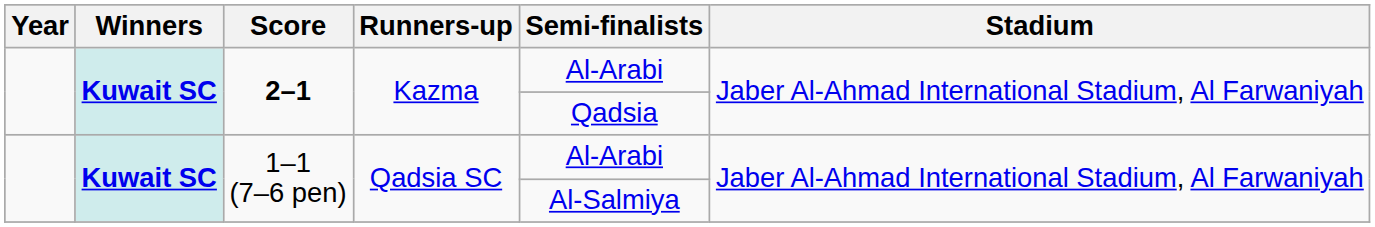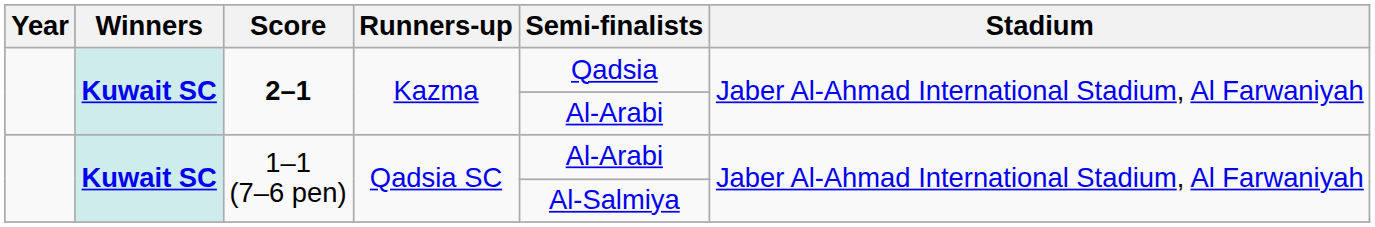 <table class="wikitable">
 <tr>
 <th>Year</th>
 <th>Winners</th>
 <th>Score</th>
 <th>Runners-up</th>
 <th>Semi-finalists</th>
 <th>Stadium</th>
 </tr>
 <tr>
 <td rowspan="2" align="center"><br></td>
 <td rowspan="2" style="background:#cfecec;"  align=center><strong><a href='#'>Kuwait SC</a></strong></td>
 <td rowspan="2" align="center"><strong>2–1</strong></td>
 <td rowspan="2" align="center"><a href='#'>Kazma</a></td>
-<td align="center"><a href='#'>Al-Arabi</a></td>
+<td align="center"><a href='#'>Qadsia</a></td>
 <td rowspan="2" align="center"> <a href='#'>Jaber Al-Ahmad International Stadium</a>, <a href='#'>Al Farwaniyah</a></td>
 </tr>
 <tr>
-<td align="center"><a href='#'>Qadsia</a></td>
+<td align="center"><a href='#'>Al-Arabi</a></td>
 </tr>
 <tr>
 <td rowspan="2" align="center"></td>
 <td rowspan="2" style="background:#cfecec;"  align=center><strong><a href='#'>Kuwait SC</a></strong></td>
 <td rowspan="2" align="center">1–1 <br> (7–6 pen)</td>
 <td rowspan="2" align="center"><a href='#'>Qadsia SC</a></td>
 <td align="center"><a href='#'>Al-Arabi</a></td>
 <td rowspan="2" align="center"> <a href='#'>Jaber Al-Ahmad International Stadium</a>, <a href='#'>Al Farwaniyah</a></td>
 </tr>
 <tr>
 <td align="center"><a href='#'>Al-Salmiya</a></td>
 </tr>
 </table>
